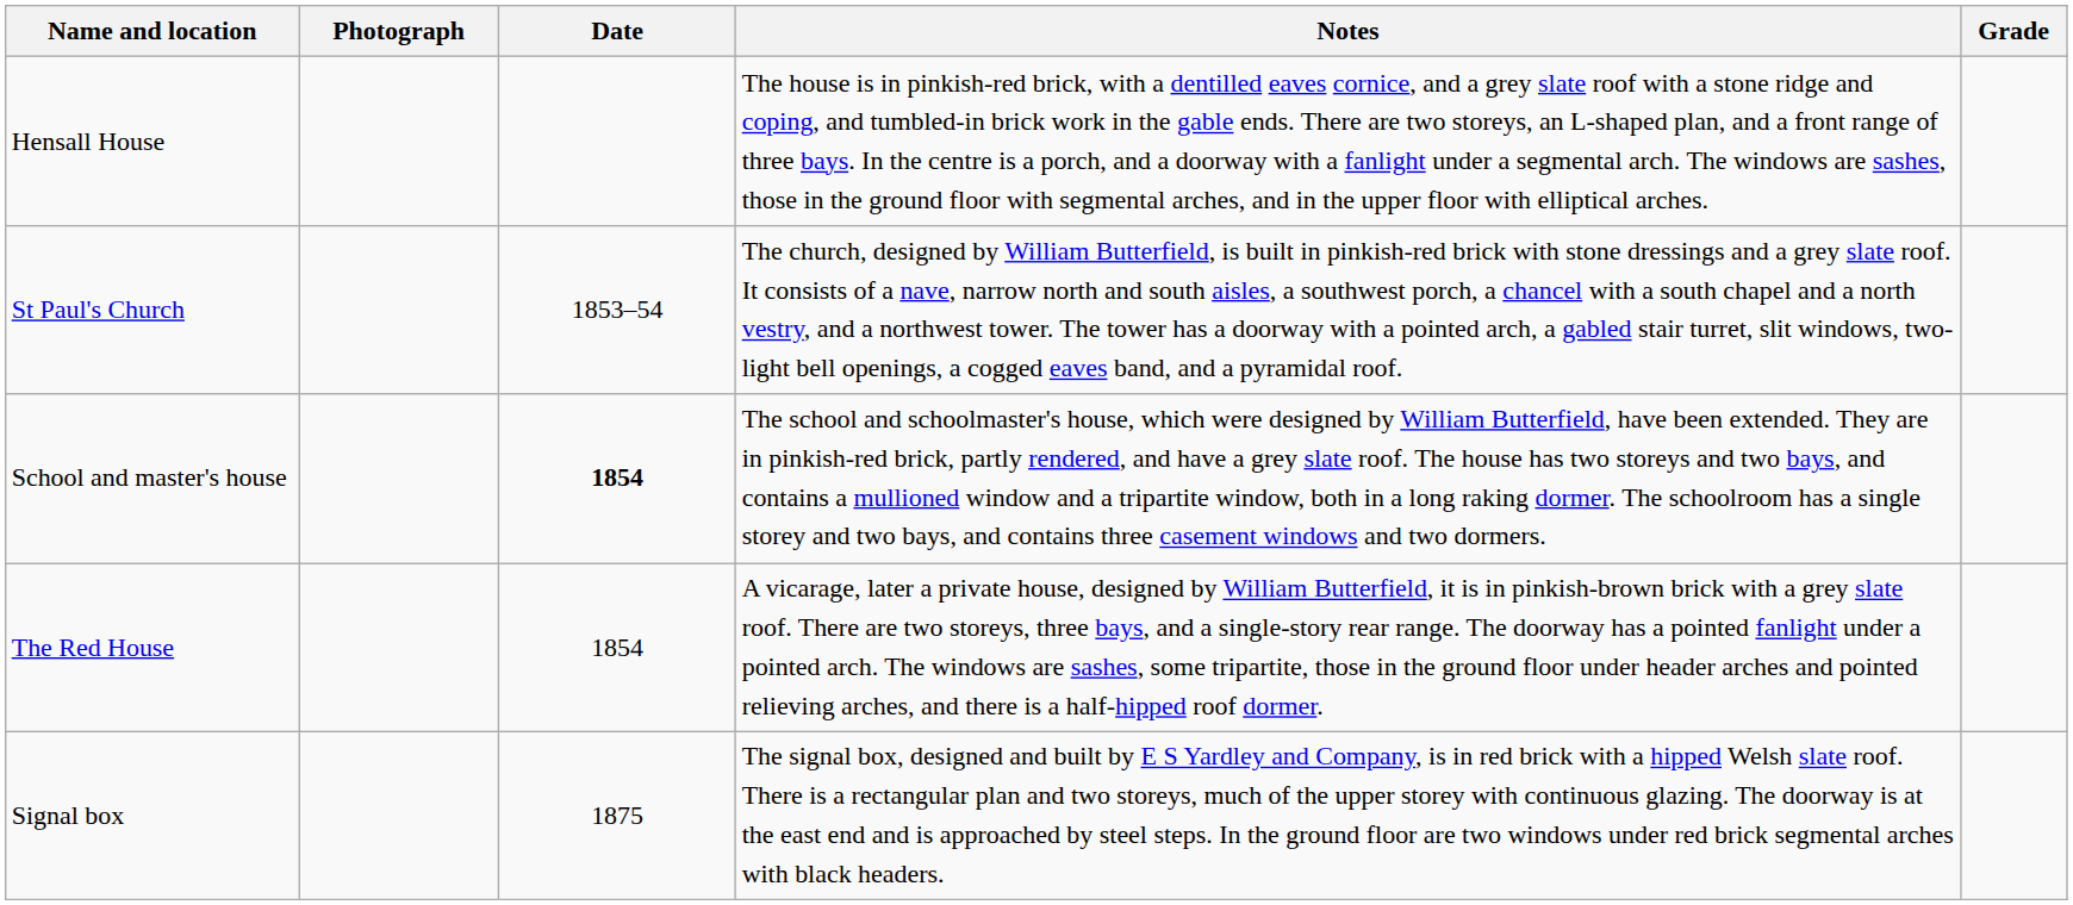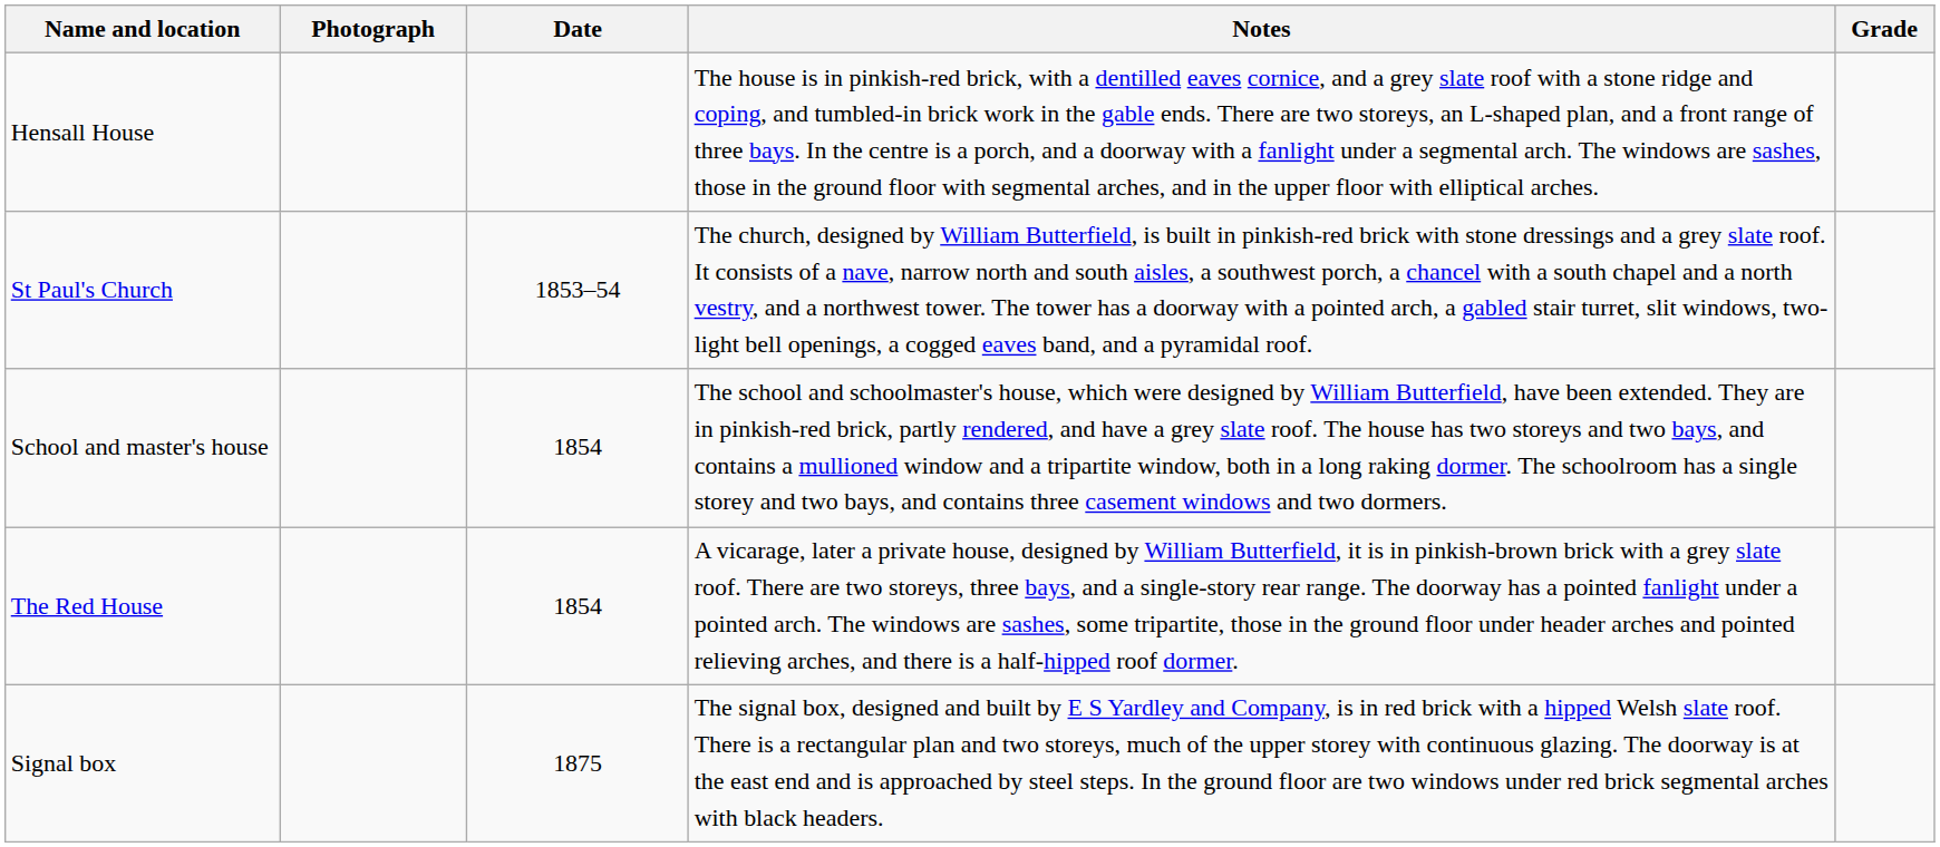 <table class="wikitable sortable plainrowheaders" style="width:100%; border:0px; text-align:left; line-height:150%">
 <tr>
 <th scope="col"  style="width:150px">Name and location</th>
 <th scope="col"  style="width:100px" class="unsortable">Photograph</th>
 <th scope="col"  style="width:120px">Date</th>
 <th scope="col"  style="width:650px" class="unsortable">Notes</th>
 <th scope="col"  style="width:50px">Grade</th>
 </tr>
 <tr>
 <td>Hensall House<br><small></small></td>
 <td></td>
 <td align="center"></td>
 <td>The house is in  pinkish-red brick, with a <a href='#'>dentilled</a> <a href='#'>eaves</a> <a href='#'>cornice</a>, and a grey <a href='#'>slate</a> roof with a stone ridge and <a href='#'>coping</a>, and tumbled-in brick work in the <a href='#'>gable</a> ends. There are two storeys, an L-shaped plan, and a front range of three <a href='#'>bays</a>. In the centre is a porch, and a doorway with a <a href='#'>fanlight</a> under a segmental arch. The windows are <a href='#'>sashes</a>, those in the ground floor with segmental arches, and in the upper floor with elliptical arches.</td>
 <td align="center" ></td>
 </tr>
 <tr>
 <td><a href='#'>St Paul's Church</a><br><small></small></td>
 <td></td>
 <td align="center">1853–54</td>
 <td>The church, designed by <a href='#'>William Butterfield</a>, is built in pinkish-red brick with stone dressings and a grey <a href='#'>slate</a> roof. It consists of a <a href='#'>nave</a>, narrow north and south <a href='#'>aisles</a>, a southwest porch, a <a href='#'>chancel</a> with a south chapel and a north <a href='#'>vestry</a>, and a northwest tower. The tower has a doorway with a pointed arch, a <a href='#'>gabled</a> stair turret, slit windows, two-light bell openings, a cogged <a href='#'>eaves</a> band, and a pyramidal roof.</td>
 <td align="center" ></td>
 </tr>
 <tr>
 <td>School and master's house<br><small></small></td>
 <td></td>
-<td align="center"><strong>1854</strong></td>
+<td align="center">1854</td>
 <td>The school and schoolmaster's house, which were designed by <a href='#'>William Butterfield</a>, have been extended. They are in pinkish-red brick, partly <a href='#'>rendered</a>, and have a grey <a href='#'>slate</a> roof. The house has two storeys and two <a href='#'>bays</a>, and contains a <a href='#'>mullioned</a> window and a tripartite window, both in a long raking <a href='#'>dormer</a>. The schoolroom has a single storey and two bays, and contains three <a href='#'>casement windows</a> and two dormers.</td>
 <td align="center" ></td>
 </tr>
 <tr>
 <td><a href='#'>The Red House</a><br><small></small></td>
 <td></td>
 <td align="center">1854</td>
 <td>A vicarage, later a private house, designed by <a href='#'>William Butterfield</a>, it is in pinkish-brown brick with a grey <a href='#'>slate</a> roof. There are two storeys, three <a href='#'>bays</a>, and a single-story rear range. The doorway has a pointed <a href='#'>fanlight</a> under a pointed arch. The windows are <a href='#'>sashes</a>, some tripartite, those in the ground floor under header arches and pointed relieving arches, and there is a half-<a href='#'>hipped</a> roof <a href='#'>dormer</a>.</td>
 <td align="center" ></td>
 </tr>
 <tr>
 <td>Signal box<br><small></small></td>
 <td></td>
 <td align="center">1875</td>
 <td>The signal box, designed and built by <a href='#'>E S Yardley and Company</a>, is in red brick with a <a href='#'>hipped</a> Welsh <a href='#'>slate</a> roof. There is a rectangular plan and two storeys, much of the upper storey with continuous glazing. The doorway is at the east end and is approached by steel steps. In the ground floor are two windows under red brick segmental arches with black headers.</td>
 <td align="center" ></td>
 </tr>
 <tr>
 </tr>
 </table>
